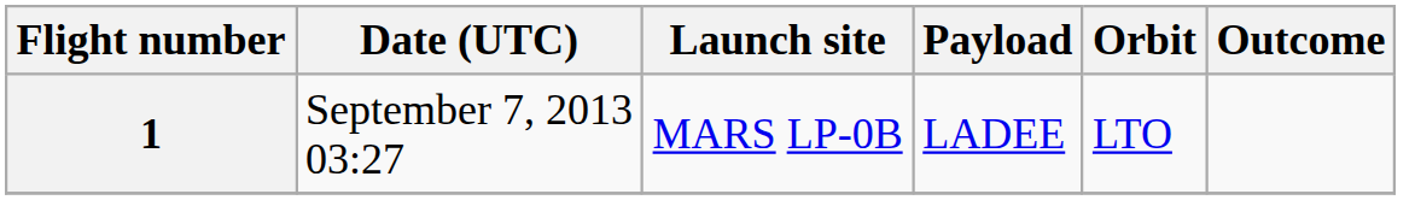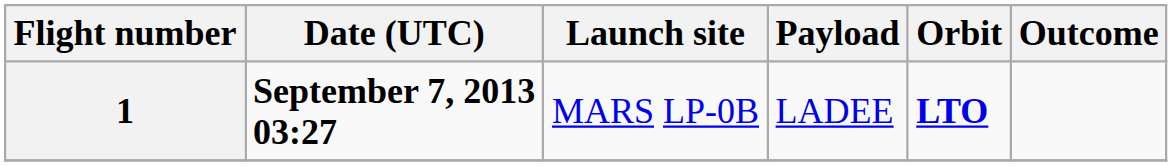 <table class="wikitable">
 <tr>
 <th>Flight number</th>
 <th>Date (UTC)</th>
 <th>Launch site</th>
 <th>Payload</th>
 <th>Orbit</th>
 <th>Outcome</th>
 </tr>
 <tr>
 <th>1</th>
-<td>September 7, 2013<br>03:27</td>
+<td><strong>September 7, 2013<br>03:27</strong></td>
 <td><a href='#'>MARS</a> <a href='#'>LP-0B</a></td>
 <td><a href='#'>LADEE</a></td>
-<td><a href='#'>LTO</a></td>
+<td><strong><a href='#'>LTO</a></strong></td>
 <td></td>
 </tr>
 <tr>
 </tr>
 </table>
